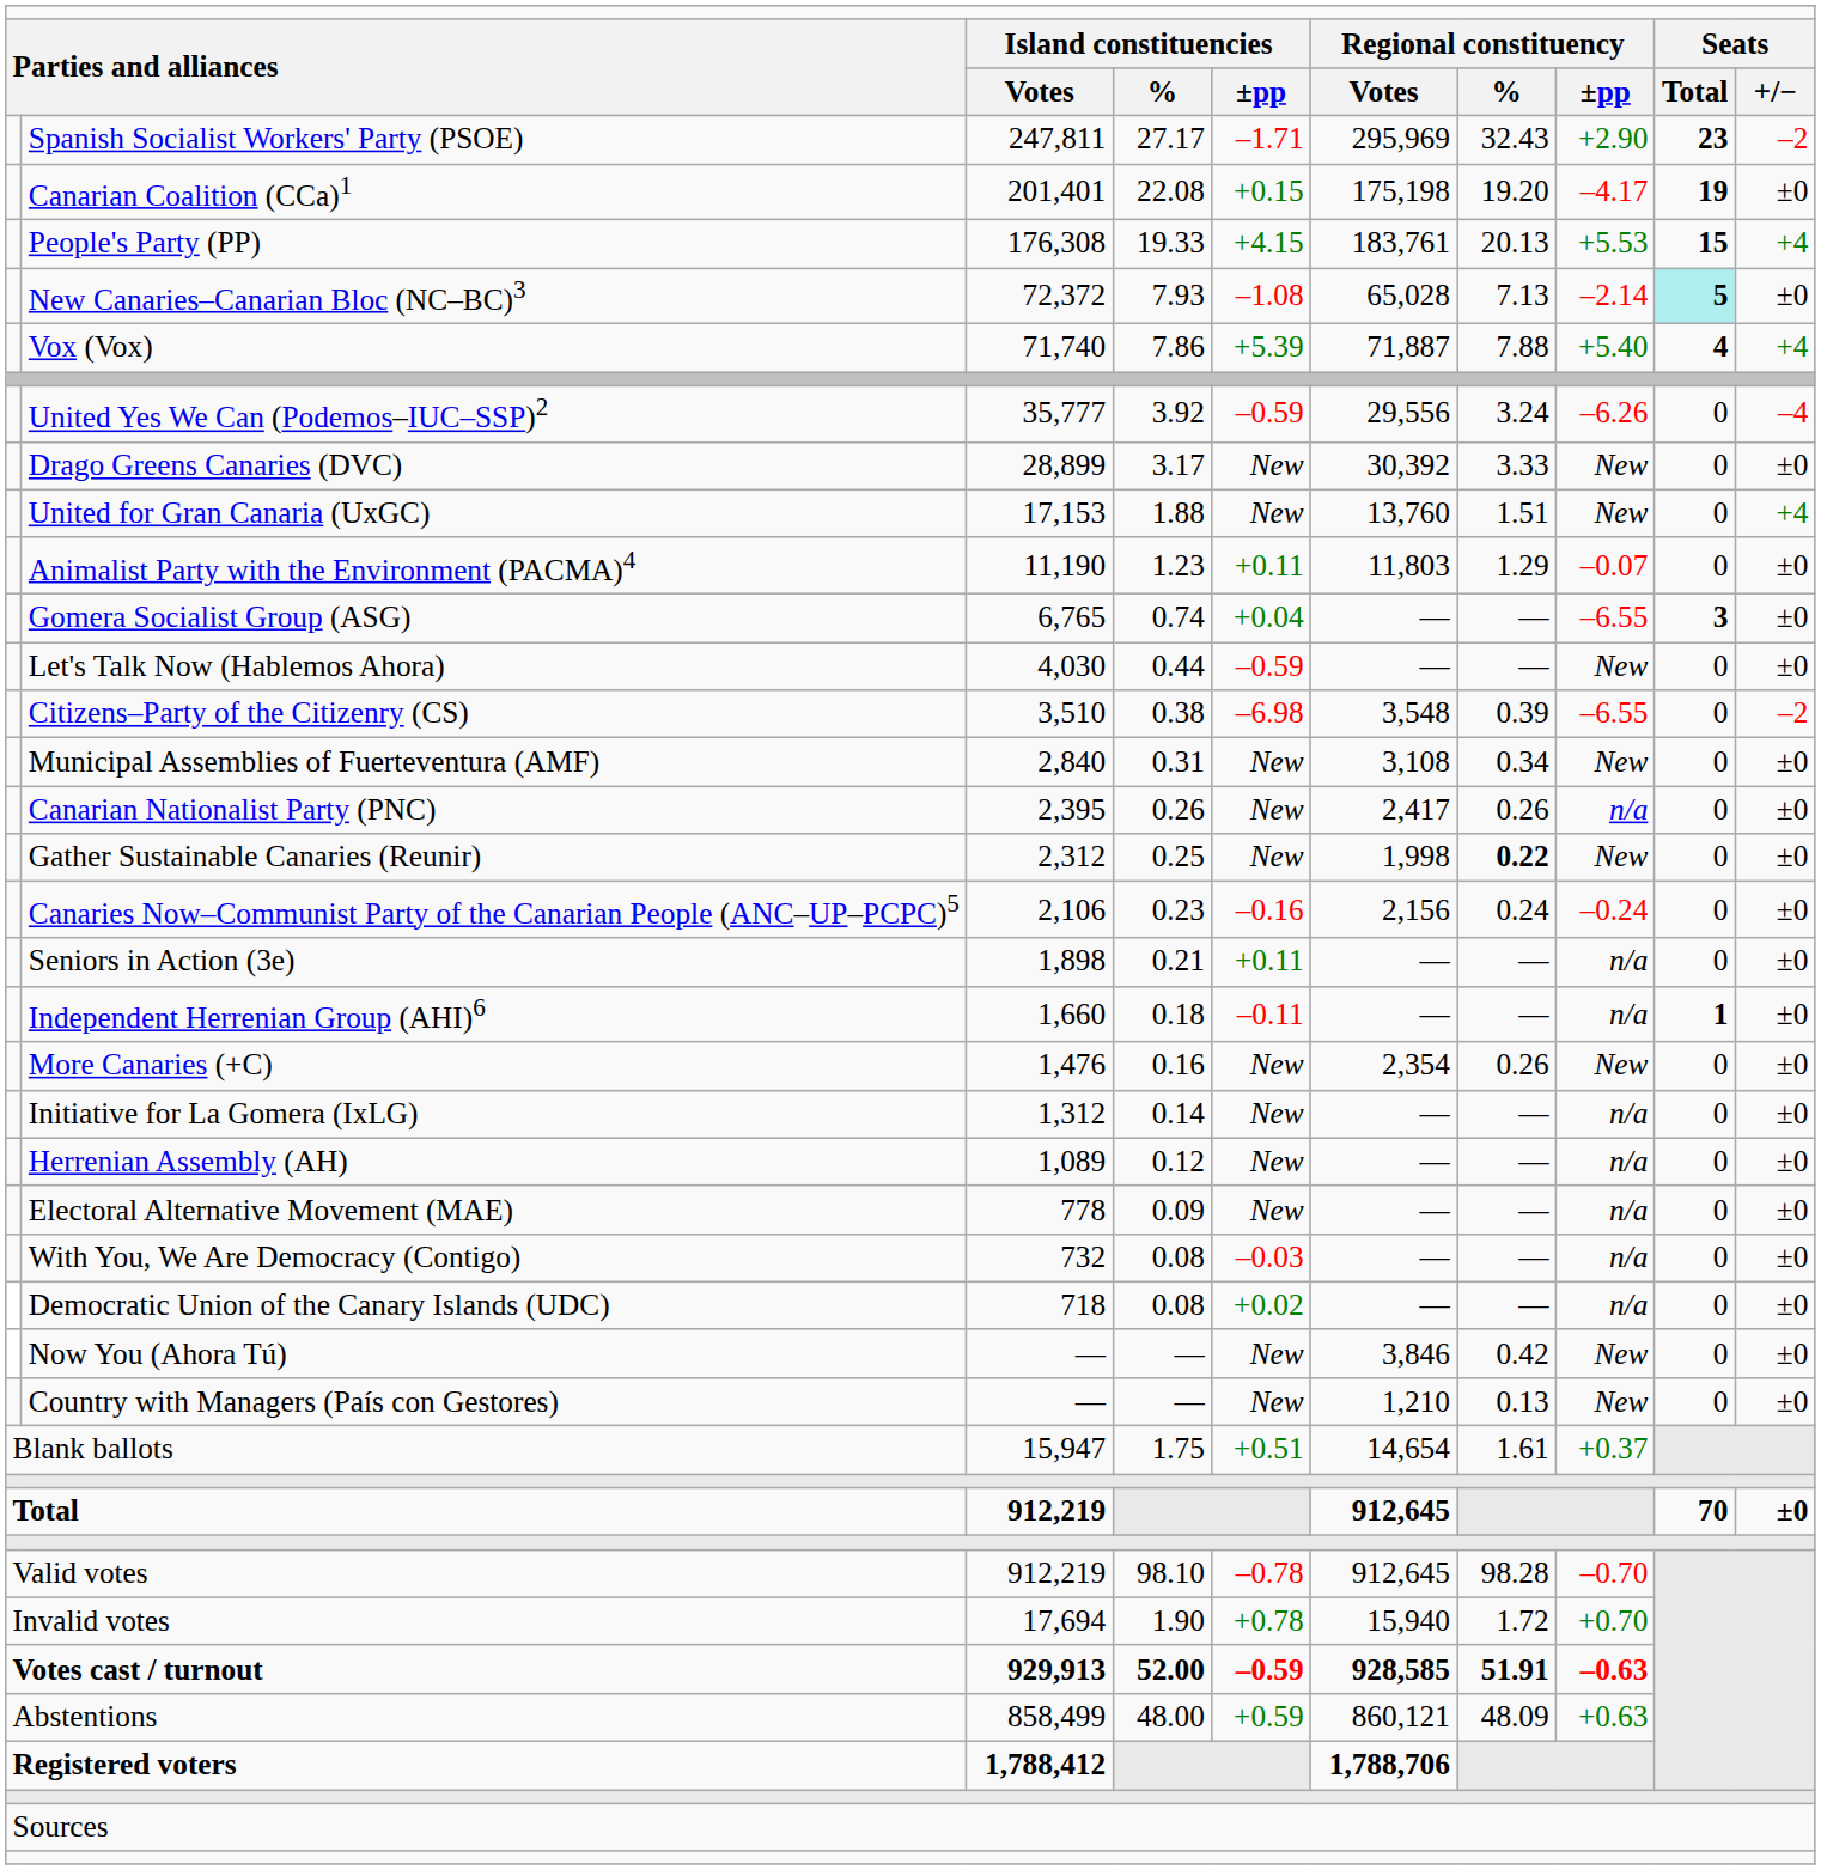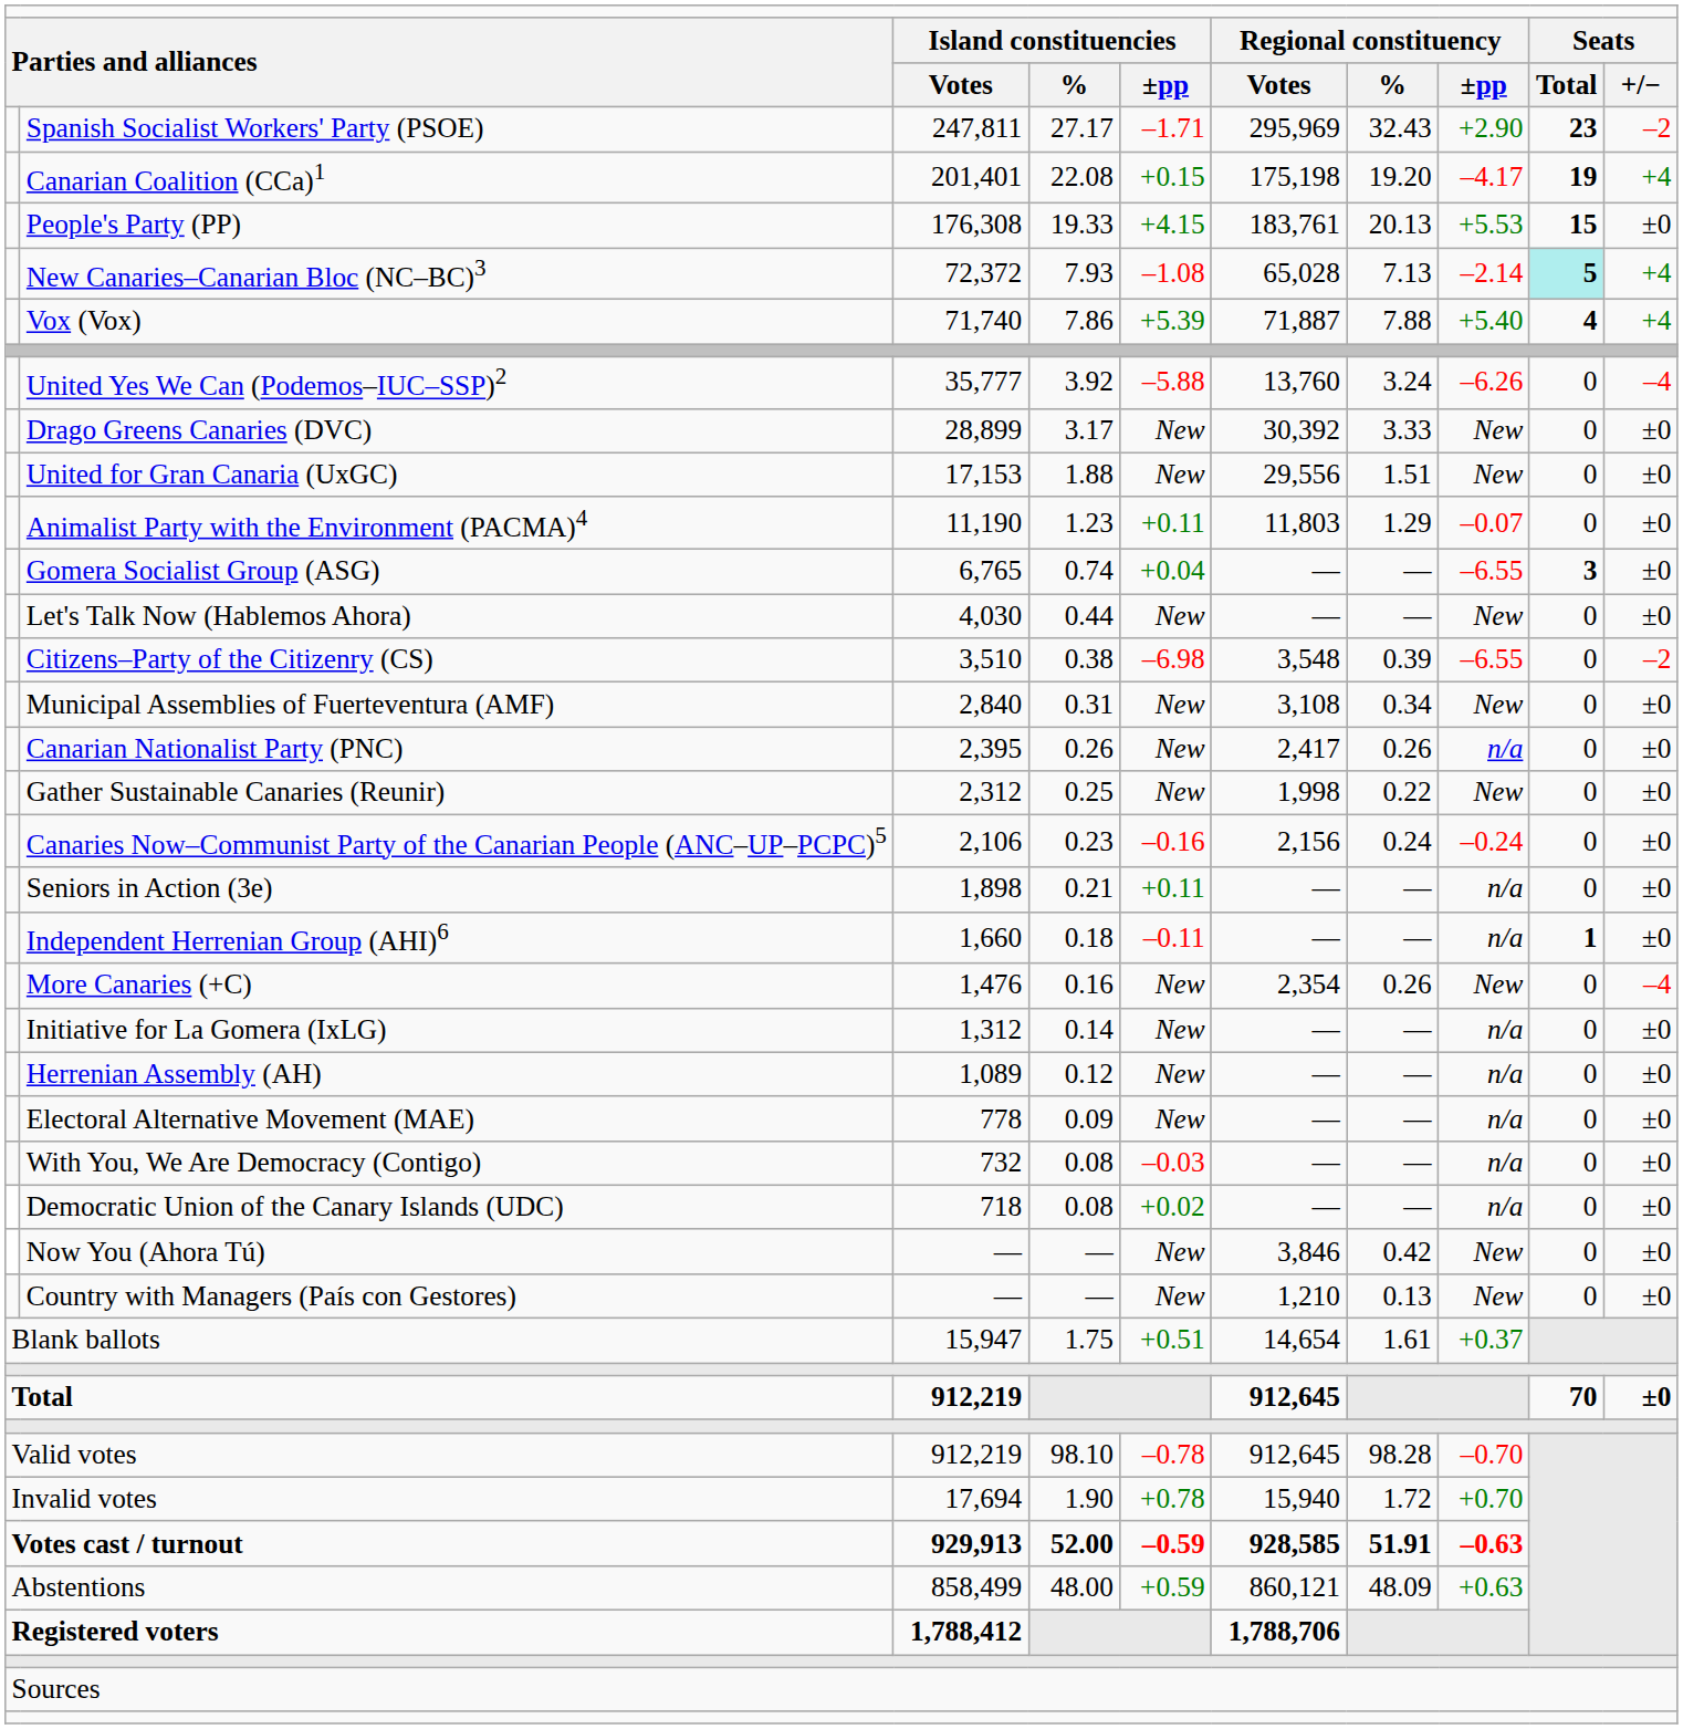 <table class="wikitable" style="text-align:right;">
 <tr>
 <td colspan="10"></td>
 </tr>
 <tr>
 <th style="text-align:left;" rowspan="2" colspan="2" width="500">Parties and alliances</th>
 <th colspan="3">Island constituencies</th>
 <th colspan="3">Regional constituency</th>
 <th colspan="2">Seats</th>
 </tr>
 <tr>
 <th width="70">Votes</th>
 <th width="45">%</th>
 <th width="45">±<a href='#'>pp</a></th>
 <th width="70">Votes</th>
 <th width="45">%</th>
 <th width="45">±<a href='#'>pp</a></th>
 <th width="35">Total</th>
 <th width="35">+/−</th>
 </tr>
 <tr>
 <td width="1" style="color:inherit;background:"></td>
 <td align="left"><a href='#'>Spanish Socialist Workers' Party</a> (PSOE)</td>
 <td>247,811</td>
 <td>27.17</td>
 <td style="color:red;">–1.71</td>
 <td>295,969</td>
 <td>32.43</td>
 <td style="color:green;">+2.90</td>
 <td><strong>23</strong></td>
 <td style="color:red;">–2</td>
 </tr>
 <tr>
 <td style="color:inherit;background:"></td>
 <td align="left"><a href='#'>Canarian Coalition</a> (CCa)<sup>1</sup></td>
 <td>201,401</td>
 <td>22.08</td>
 <td style="color:green;">+0.15</td>
 <td>175,198</td>
 <td>19.20</td>
 <td style="color:red;">–4.17</td>
 <td><strong>19</strong></td>
-<td>±0</td>
+<td style="color:green;">+4</td>
 </tr>
 <tr>
 <td style="color:inherit;background:"></td>
 <td align="left"><a href='#'>People's Party</a> (PP)</td>
 <td>176,308</td>
 <td>19.33</td>
 <td style="color:green;">+4.15</td>
 <td>183,761</td>
 <td>20.13</td>
 <td style="color:green;">+5.53</td>
 <td><strong>15</strong></td>
-<td style="color:green;">+4</td>
+<td>±0</td>
 </tr>
 <tr>
 <td style="color:inherit;background:"></td>
 <td align="left"><a href='#'>New Canaries–Canarian Bloc</a> (NC–BC)<sup>3</sup></td>
 <td>72,372</td>
 <td>7.93</td>
 <td style="color:red;">–1.08</td>
 <td>65,028</td>
 <td>7.13</td>
 <td style="color:red;">–2.14</td>
 <td style="background: paleturquoise;"><strong>5</strong></td>
-<td>±0</td>
+<td style="color:green;">+4</td>
 </tr>
 <tr>
 <td style="color:inherit;background:"></td>
 <td align="left"><a href='#'>Vox</a> (Vox)</td>
 <td>71,740</td>
 <td>7.86</td>
 <td style="color:green;">+5.39</td>
 <td>71,887</td>
 <td>7.88</td>
 <td style="color:green;">+5.40</td>
 <td><strong>4</strong></td>
 <td style="color:green;">+4</td>
 </tr>
 <tr>
 <td colspan="10" bgcolor="#C0C0C0"></td>
 </tr>
 <tr>
 <td style="color:inherit;background:"></td>
 <td align="left"><a href='#'>United Yes We Can</a> (<a href='#'>Podemos</a>–<a href='#'>IUC–SSP</a>)<sup>2</sup></td>
 <td>35,777</td>
 <td>3.92</td>
-<td style="color:red;">–0.59</td>
-<td>29,556</td>
+<td style="color:red;">–5.88</td>
+<td>13,760</td>
 <td>3.24</td>
 <td style="color:red;">–6.26</td>
 <td>0</td>
 <td style="color:red;">–4</td>
 </tr>
 <tr>
 <td style="color:inherit;background:"></td>
 <td align="left"><a href='#'>Drago Greens Canaries</a> (DVC)</td>
 <td>28,899</td>
 <td>3.17</td>
 <td><em>New</em></td>
 <td>30,392</td>
 <td>3.33</td>
 <td><em>New</em></td>
 <td>0</td>
 <td>±0</td>
 </tr>
 <tr>
 <td style="color:inherit;background:"></td>
 <td align="left"><a href='#'>United for Gran Canaria</a> (UxGC)</td>
 <td>17,153</td>
 <td>1.88</td>
 <td><em>New</em></td>
-<td>13,760</td>
+<td>29,556</td>
 <td>1.51</td>
 <td><em>New</em></td>
 <td>0</td>
-<td style="color:green;">+4</td>
+<td>±0</td>
 </tr>
 <tr>
 <td style="color:inherit;background:"></td>
 <td align="left"><a href='#'>Animalist Party with the Environment</a> (PACMA)<sup>4</sup></td>
 <td>11,190</td>
 <td>1.23</td>
 <td style="color:green;">+0.11</td>
 <td>11,803</td>
 <td>1.29</td>
 <td style="color:red;">–0.07</td>
 <td>0</td>
 <td>±0</td>
 </tr>
 <tr>
 <td style="color:inherit;background:"></td>
 <td align="left"><a href='#'>Gomera Socialist Group</a> (ASG)</td>
 <td>6,765</td>
 <td>0.74</td>
 <td style="color:green;">+0.04</td>
 <td>—</td>
 <td>—</td>
 <td style="color:red;">–6.55</td>
 <td><strong>3</strong></td>
 <td>±0</td>
 </tr>
 <tr>
 <td style="color:inherit;background:"></td>
 <td align="left">Let's Talk Now (Hablemos Ahora)</td>
 <td>4,030</td>
 <td>0.44</td>
-<td style="color:red;">–0.59</td>
+<td><em>New</em></td>
 <td>—</td>
 <td>—</td>
 <td><em>New</em></td>
 <td>0</td>
 <td>±0</td>
 </tr>
 <tr>
 <td style="color:inherit;background:"></td>
 <td align="left"><a href='#'>Citizens–Party of the Citizenry</a> (CS)</td>
 <td>3,510</td>
 <td>0.38</td>
 <td style="color:red;">–6.98</td>
 <td>3,548</td>
 <td>0.39</td>
 <td style="color:red;">–6.55</td>
 <td>0</td>
 <td style="color:red;">–2</td>
 </tr>
 <tr>
 <td style="color:inherit;background:"></td>
 <td align="left">Municipal Assemblies of Fuerteventura (AMF)</td>
 <td>2,840</td>
 <td>0.31</td>
 <td><em>New</em></td>
 <td>3,108</td>
 <td>0.34</td>
 <td><em>New</em></td>
 <td>0</td>
 <td>±0</td>
 </tr>
 <tr>
 <td style="color:inherit;background:"></td>
 <td align="left"><a href='#'>Canarian Nationalist Party</a> (PNC)</td>
 <td>2,395</td>
 <td>0.26</td>
 <td><em>New</em></td>
 <td>2,417</td>
 <td>0.26</td>
 <td><em><a href='#'>n/a</a></em></td>
 <td>0</td>
 <td>±0</td>
 </tr>
 <tr>
 <td style="color:inherit;background:"></td>
 <td align="left">Gather Sustainable Canaries (Reunir)</td>
 <td>2,312</td>
 <td>0.25</td>
 <td><em>New</em></td>
 <td>1,998</td>
-<td><strong>0.22</strong></td>
+<td>0.22</td>
 <td><em>New</em></td>
 <td>0</td>
 <td>±0</td>
 </tr>
 <tr>
 <td style="color:inherit;background:"></td>
 <td align="left"><a href='#'>Canaries Now–Communist Party of the Canarian People</a> (<a href='#'>ANC</a>–<a href='#'>UP</a>–<a href='#'>PCPC</a>)<sup>5</sup></td>
 <td>2,106</td>
 <td>0.23</td>
 <td style="color:red;">–0.16</td>
 <td>2,156</td>
 <td>0.24</td>
 <td style="color:red;">–0.24</td>
 <td>0</td>
 <td>±0</td>
 </tr>
 <tr>
 <td style="color:inherit;background:"></td>
 <td align="left">Seniors in Action (3e)</td>
 <td>1,898</td>
 <td>0.21</td>
 <td style="color:green;">+0.11</td>
 <td>—</td>
 <td>—</td>
 <td><em>n/a</em></td>
 <td>0</td>
 <td>±0</td>
 </tr>
 <tr>
 <td style="color:inherit;background:"></td>
 <td align="left"><a href='#'>Independent Herrenian Group</a> (AHI)<sup>6</sup></td>
 <td>1,660</td>
 <td>0.18</td>
 <td style="color:red;">–0.11</td>
 <td>—</td>
 <td>—</td>
 <td><em>n/a</em></td>
 <td><strong>1</strong></td>
 <td>±0</td>
 </tr>
 <tr>
 <td style="color:inherit;background:"></td>
 <td align="left"><a href='#'>More Canaries</a> (+C)</td>
 <td>1,476</td>
 <td>0.16</td>
 <td><em>New</em></td>
 <td>2,354</td>
 <td>0.26</td>
 <td><em>New</em></td>
 <td>0</td>
-<td>±0</td>
+<td style="color:red;">–4</td>
 </tr>
 <tr>
 <td style="color:inherit;background:"></td>
 <td align="left">Initiative for La Gomera (IxLG)</td>
 <td>1,312</td>
 <td>0.14</td>
 <td><em>New</em></td>
 <td>—</td>
 <td>—</td>
 <td><em>n/a</em></td>
 <td>0</td>
 <td>±0</td>
 </tr>
 <tr>
 <td style="color:inherit;background:"></td>
 <td align="left"><a href='#'>Herrenian Assembly</a> (AH)</td>
 <td>1,089</td>
 <td>0.12</td>
 <td><em>New</em></td>
 <td>—</td>
 <td>—</td>
 <td><em>n/a</em></td>
 <td>0</td>
 <td>±0</td>
 </tr>
 <tr>
 <td style="color:inherit;background:"></td>
 <td align="left">Electoral Alternative Movement (MAE)</td>
 <td>778</td>
 <td>0.09</td>
 <td><em>New</em></td>
 <td>—</td>
 <td>—</td>
 <td><em>n/a</em></td>
 <td>0</td>
 <td>±0</td>
 </tr>
 <tr>
 <td style="color:inherit;background:"></td>
 <td align="left">With You, We Are Democracy (Contigo)</td>
 <td>732</td>
 <td>0.08</td>
 <td style="color:red;">–0.03</td>
 <td>—</td>
 <td>—</td>
 <td><em>n/a</em></td>
 <td>0</td>
 <td>±0</td>
 </tr>
 <tr>
 <td bgcolor="white"></td>
 <td align="left">Democratic Union of the Canary Islands (UDC)</td>
 <td>718</td>
 <td>0.08</td>
 <td style="color:green;">+0.02</td>
 <td>—</td>
 <td>—</td>
 <td><em>n/a</em></td>
 <td>0</td>
 <td>±0</td>
 </tr>
 <tr>
 <td bgcolor="white"></td>
 <td align="left">Now You (Ahora Tú)</td>
 <td>—</td>
 <td>—</td>
 <td><em>New</em></td>
 <td>3,846</td>
 <td>0.42</td>
 <td><em>New</em></td>
 <td>0</td>
 <td>±0</td>
 </tr>
 <tr>
 <td style="color:inherit;background:"></td>
 <td align="left">Country with Managers (País con Gestores)</td>
 <td>—</td>
 <td>—</td>
 <td><em>New</em></td>
 <td>1,210</td>
 <td>0.13</td>
 <td><em>New</em></td>
 <td>0</td>
 <td>±0</td>
 </tr>
 <tr>
 <td align="left" colspan="2">Blank ballots</td>
 <td>15,947</td>
 <td>1.75</td>
 <td style="color:green;">+0.51</td>
 <td>14,654</td>
 <td>1.61</td>
 <td style="color:green;">+0.37</td>
 <td bgcolor="#E9E9E9" colspan="2"></td>
 </tr>
 <tr>
 <td colspan="10" bgcolor="#E9E9E9"></td>
 </tr>
 <tr style="font-weight:bold;">
 <td align="left" colspan="2">Total</td>
 <td>912,219</td>
 <td bgcolor="#E9E9E9" colspan="2"></td>
 <td>912,645</td>
 <td bgcolor="#E9E9E9" colspan="2"></td>
 <td>70</td>
 <td>±0</td>
 </tr>
 <tr>
 <td colspan="10" bgcolor="#E9E9E9"></td>
 </tr>
 <tr>
 <td align="left" colspan="2">Valid votes</td>
 <td>912,219</td>
 <td>98.10</td>
 <td style="color:red;">–0.78</td>
 <td>912,645</td>
 <td>98.28</td>
 <td style="color:red;">–0.70</td>
 <td bgcolor="#E9E9E9" colspan="2" rowspan="5"></td>
 </tr>
 <tr>
 <td align="left" colspan="2">Invalid votes</td>
 <td>17,694</td>
 <td>1.90</td>
 <td style="color:green;">+0.78</td>
 <td>15,940</td>
 <td>1.72</td>
 <td style="color:green;">+0.70</td>
 </tr>
 <tr style="font-weight:bold;">
 <td align="left" colspan="2">Votes cast / turnout</td>
 <td>929,913</td>
 <td>52.00</td>
 <td style="color:red;">–0.59</td>
 <td>928,585</td>
 <td>51.91</td>
 <td style="color:red;">–0.63</td>
 </tr>
 <tr>
 <td align="left" colspan="2">Abstentions</td>
 <td>858,499</td>
 <td>48.00</td>
 <td style="color:green;">+0.59</td>
 <td>860,121</td>
 <td>48.09</td>
 <td style="color:green;">+0.63</td>
 </tr>
 <tr style="font-weight:bold;">
 <td align="left" colspan="2">Registered voters</td>
 <td>1,788,412</td>
 <td bgcolor="#E9E9E9" colspan="2"></td>
 <td>1,788,706</td>
 <td bgcolor="#E9E9E9" colspan="2"></td>
 </tr>
 <tr>
 <td colspan="10" bgcolor="#E9E9E9"></td>
 </tr>
 <tr>
 <td align="left" colspan="10">Sources</td>
 </tr>
 <tr>
 <td colspan="10" style="text-align:left;font-size:95%;max-width:790px;"></td>
 </tr>
 </table>
